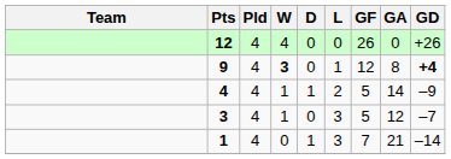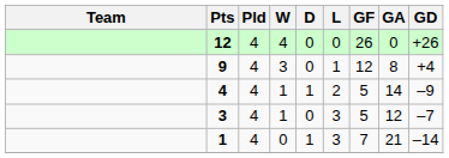 <table class=wikitable style="text-align:center">
 <tr>
 <th width=200>Team</th>
 <th width=20>Pts</th>
 <th width=20>Pld</th>
 <th width=20>W</th>
 <th width=20>D</th>
 <th width=20>L</th>
 <th width=20>GF</th>
 <th width=20>GA</th>
 <th width=20>GD</th>
 </tr>
 <tr style="background:#ccffcc">
 <td align=left></td>
 <td><strong>12</strong></td>
 <td>4</td>
 <td>4</td>
 <td>0</td>
 <td>0</td>
 <td>26</td>
 <td>0</td>
 <td>+26</td>
 </tr>
 <tr>
 <td align=left></td>
 <td><strong>9</strong></td>
 <td>4</td>
-<td><strong>3</strong></td>
+<td>3</td>
 <td>0</td>
 <td>1</td>
 <td>12</td>
 <td>8</td>
-<td><strong>+4</strong></td>
+<td>+4</td>
 </tr>
 <tr>
 <td align=left></td>
 <td><strong>4</strong></td>
 <td>4</td>
 <td>1</td>
 <td>1</td>
 <td>2</td>
 <td>5</td>
 <td>14</td>
 <td>–9</td>
 </tr>
 <tr>
 <td align=left></td>
 <td><strong>3</strong></td>
 <td>4</td>
 <td>1</td>
 <td>0</td>
 <td>3</td>
 <td>5</td>
 <td>12</td>
 <td>–7</td>
 </tr>
 <tr>
 <td align=left></td>
 <td><strong>1</strong></td>
 <td>4</td>
 <td>0</td>
 <td>1</td>
 <td>3</td>
 <td>7</td>
 <td>21</td>
 <td>–14</td>
 </tr>
 <tr>
 </tr>
 </table>
